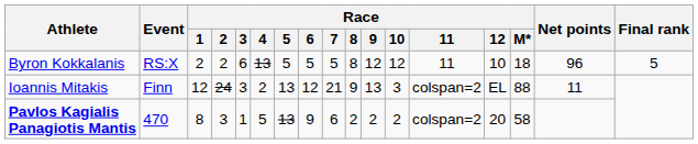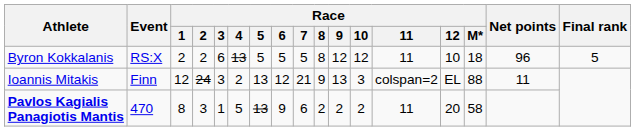 <table class="wikitable" style="font-size:90%">
 <tr>
 <th rowspan="2">Athlete</th>
 <th rowspan="2">Event</th>
 <th colspan=13>Race</th>
 <th rowspan=2>Net points</th>
 <th rowspan=2>Final rank</th>
 </tr>
 <tr style="font-size:95%">
 <th>1</th>
 <th>2</th>
 <th>3</th>
 <th>4</th>
 <th>5</th>
 <th>6</th>
 <th>7</th>
 <th>8</th>
 <th>9</th>
 <th>10</th>
 <th>11</th>
 <th>12</th>
 <th>M*</th>
 </tr>
 <tr align=center>
 <td align=left><a href='#'>Byron Kokkalanis</a></td>
 <td align=left><a href='#'>RS:X</a></td>
 <td>2</td>
 <td>2</td>
 <td>6</td>
 <td><s>13</s></td>
 <td>5</td>
 <td>5</td>
 <td>5</td>
 <td>8</td>
 <td>12</td>
 <td>12</td>
 <td>11</td>
 <td>10</td>
 <td>18</td>
 <td>96</td>
 <td>5</td>
 </tr>
 <tr align=center>
 <td align=left><a href='#'>Ioannis Mitakis</a></td>
 <td align=left><a href='#'>Finn</a></td>
 <td>12</td>
 <td><s>24</s></td>
 <td>3</td>
 <td>2</td>
 <td>13</td>
 <td>12</td>
 <td>21</td>
 <td>9</td>
 <td>13</td>
 <td>3</td>
 <td>colspan=2 </td>
 <td>EL</td>
 <td>88</td>
 <td>11</td>
 </tr>
 <tr align=center>
 <td align=left><strong><a href='#'>Pavlos Kagialis</a><br><a href='#'>Panagiotis Mantis</a></strong></td>
 <td align=left><a href='#'>470</a></td>
 <td>8</td>
 <td>3</td>
 <td>1</td>
 <td>5</td>
 <td><s>13</s></td>
 <td>9</td>
 <td>6</td>
 <td>2</td>
 <td>2</td>
 <td>2</td>
-<td>colspan=2 </td>
+<td>11</td>
 <td>20</td>
 <td>58</td>
 <td></td>
 </tr>
 </table>
